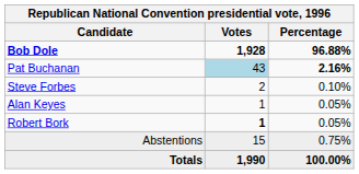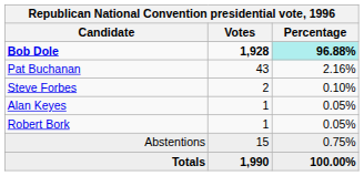 <table class="wikitable" style="font-size:95%;">
 <tr>
 <th colspan="3">Republican National Convention presidential vote, 1996</th>
 </tr>
 <tr>
 <th style="width: 17em">Candidate</th>
 <th style="width: 5em">Votes</th>
 <th style="width: 7em">Percentage</th>
 </tr>
 <tr>
 <td><strong><a href='#'>Bob Dole</a> </strong></td>
 <td align="right"><strong>1,928 </strong></td>
-<td align="right"><strong>96.88%</strong></td>
+<td align="right" style="background: paleturquoise;"><strong>96.88%</strong></td>
 </tr>
 <tr>
 <td><a href='#'>Pat Buchanan</a></td>
-<td align="right" style="background: lightblue;">43</td>
-<td align="right"><strong>2.16%</strong></td>
+<td align="right">43</td>
+<td align="right">2.16%</td>
 </tr>
 <tr>
 <td><a href='#'>Steve Forbes</a></td>
 <td align="right">2</td>
 <td align="right">0.10%</td>
 </tr>
 <tr>
 <td><a href='#'>Alan Keyes</a></td>
 <td align="right">1</td>
 <td align="right">0.05%</td>
 </tr>
 <tr>
 <td><a href='#'>Robert Bork</a></td>
-<td align="right"><strong>1</strong></td>
+<td align="right">1</td>
 <td align="right">0.05%</td>
 </tr>
 <tr style="background:#EEEEEE;">
 <td align="right">Abstentions</td>
 <td align="right">15</td>
 <td align="right">0.75%</td>
 </tr>
 <tr style="background:#EEEEEE;">
 <td align="right"><strong>Totals</strong></td>
 <td align="right"><strong>1,990</strong></td>
 <td align="right"><strong>100.00%</strong></td>
 </tr>
 </table>
